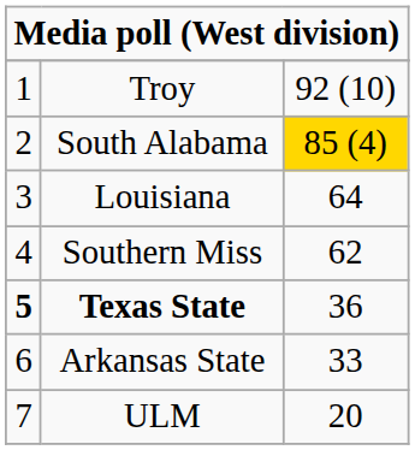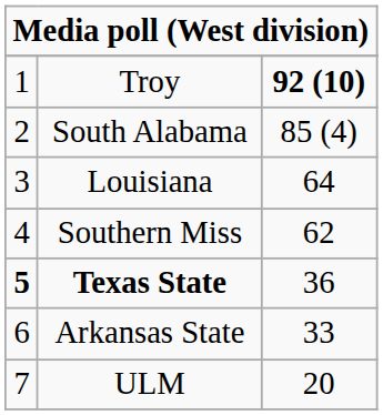 <table class="wikitable" style="display: inline-table;">
 <tr>
 <td align="center" Colspan="3"><strong>Media poll (West division)</strong></td>
 </tr>
 <tr align="center">
 </tr>
 <tr align="center">
 <td>1</td>
 <td>Troy</td>
-<td>92 (10)</td>
+<td><strong>92 (10)</strong></td>
 </tr>
 <tr align="center">
 <td>2</td>
 <td>South Alabama</td>
-<td style="background: gold;">85 (4)</td>
+<td>85 (4)</td>
 </tr>
 <tr align="center">
 <td>3</td>
 <td>Louisiana</td>
 <td>64</td>
 </tr>
 <tr align="center">
 <td>4</td>
 <td>Southern Miss</td>
 <td>62</td>
 </tr>
 <tr align="center">
 <td><strong>5</strong></td>
 <td><strong>Texas State</strong></td>
 <td>36</td>
 </tr>
 <tr align="center">
 <td>6</td>
 <td>Arkansas State</td>
 <td>33</td>
 </tr>
 <tr align="center">
 <td>7</td>
 <td>ULM</td>
 <td>20</td>
 </tr>
 </table>
